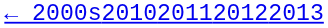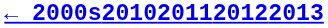 <table id="toc" class="toc" summary="Contents">
 <tr>
 <th></th>
 </tr>
 <tr>
-<td align="center"><a href='#'>← 2000s</a><a href='#'>2010</a><a href='#'>2011</a><a href='#'>2012</a><a href='#'>2013</a></td>
+<td align="center"><strong><a href='#'>← 2000s</a><a href='#'>2010</a><a href='#'>2011</a><a href='#'>2012</a><a href='#'>2013</a></strong></td>
 </tr>
 </table>
